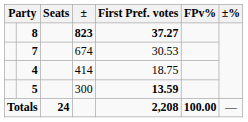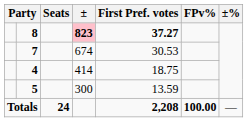 <table class=wikitable>
 <tr>
 <th colspan=2 align=center>Party</th>
 <th valign=top>Seats</th>
 <th valign=top>±</th>
 <th valign=top>First Pref. votes</th>
 <th valign=top>FPv%</th>
 <th valign=top>±%</th>
 </tr>
 <tr>
 <td></td>
 <td align=right><strong>8</strong></td>
 <td align=right></td>
-<td align=right><strong>823</strong></td>
+<td align=right style="background: pink;"><strong>823</strong></td>
 <td align=right><strong>37.27</strong></td>
 <td align=right></td>
 </tr>
 <tr>
 <td></td>
 <td align=right><strong>7</strong></td>
 <td align=right></td>
 <td align=right>674</td>
 <td align=right>30.53</td>
 <td align=right></td>
 </tr>
 <tr>
 <td></td>
 <td align=right><strong>4</strong></td>
 <td align=right></td>
 <td align=right>414</td>
 <td align=right>18.75</td>
 <td align=right></td>
 </tr>
 <tr>
 <td></td>
 <td align=right><strong>5</strong></td>
 <td align=right></td>
 <td align=right>300</td>
-<td align=right><strong>13.59</strong></td>
+<td align=right>13.59</td>
 <td align=right></td>
 </tr>
 <tr>
 <td colspan=2 align=center><strong>Totals</strong></td>
 <td align=right><strong>24</strong></td>
 <td align=center></td>
 <td align=right><strong>2,208</strong></td>
 <td align=center><strong>100.00</strong></td>
 <td align=center>—</td>
 </tr>
 </table>
